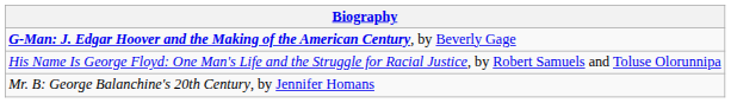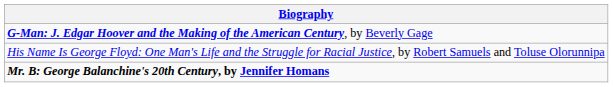 <table class="wikitable" style="float:left; float:none;">
 <tr>
 <th><a href='#'>Biography</a></th>
 </tr>
 <tr>
 <td><strong><em><a href='#'>G-Man: J. Edgar Hoover and the Making of the American Century</a></em></strong>, by <a href='#'>Beverly Gage</a></td>
 </tr>
 <tr>
 <td><em><a href='#'>His Name Is George Floyd: One Man's Life and the Struggle for Racial Justice</a></em>, by <a href='#'>Robert Samuels</a> and <a href='#'>Toluse Olorunnipa</a></td>
 </tr>
 <tr>
-<td><em>Mr. B: George Balanchine's 20th Century</em>, by <a href='#'>Jennifer Homans</a></td>
+<td><strong><em>Mr. B: George Balanchine's 20th Century</em>, by <a href='#'>Jennifer Homans</a></strong></td>
 </tr>
 </table>
